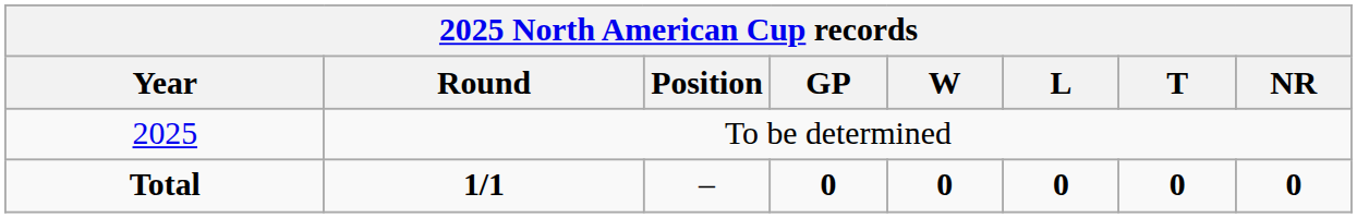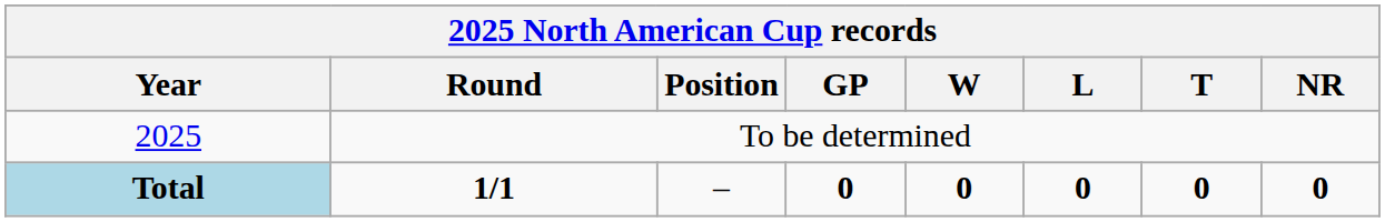 <table class="wikitable" style="text-align: center; width=900px;">
 <tr>
 <th colspan=9><a href='#'>2025 North American Cup</a> records</th>
 </tr>
 <tr>
 <th width=150>Year</th>
 <th width=150>Round</th>
 <th width=50>Position</th>
 <th width=50>GP</th>
 <th width=50>W</th>
 <th width=50>L</th>
 <th width=50>T</th>
 <th width=50>NR</th>
 </tr>
 <tr>
 <td> <a href='#'>2025</a></td>
 <td colspan= 8>To be determined</td>
 </tr>
 <tr>
-<td><strong>Total</strong></td>
+<td style="background: lightblue;"><strong>Total</strong></td>
 <td><strong>1/1</strong></td>
 <td>–</td>
 <td><strong>0</strong></td>
 <td><strong>0</strong></td>
 <td><strong>0</strong></td>
 <td><strong>0</strong></td>
 <td><strong>0</strong></td>
 </tr>
 </table>
